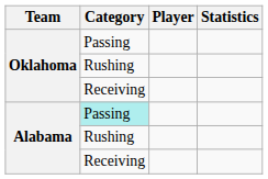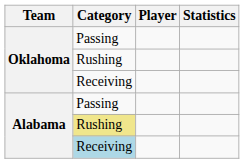 <table class="wikitable" style="float:right">
 <tr>
 <th>Team</th>
 <th>Category</th>
 <th>Player</th>
 <th>Statistics</th>
 </tr>
 <tr>
 <th rowspan=3>Oklahoma</th>
 <td>Passing</td>
 <td></td>
 <td></td>
 </tr>
 <tr>
 <td>Rushing</td>
 <td></td>
 <td></td>
 </tr>
 <tr>
 <td>Receiving</td>
 <td></td>
 <td></td>
 </tr>
 <tr>
 <th rowspan=3>Alabama</th>
-<td style="background: paleturquoise;">Passing</td>
+<td>Passing</td>
 <td></td>
 <td></td>
 </tr>
 <tr>
-<td>Rushing</td>
+<td style="background: khaki;">Rushing</td>
 <td></td>
 <td></td>
 </tr>
 <tr>
-<td>Receiving</td>
+<td style="background: lightblue;">Receiving</td>
 <td></td>
 <td></td>
 </tr>
 </table>
